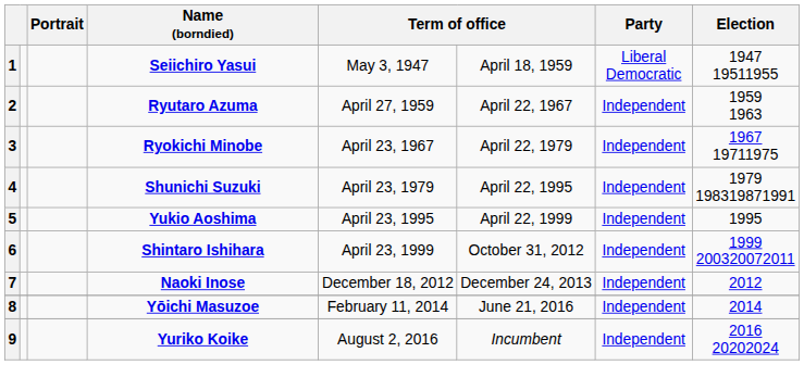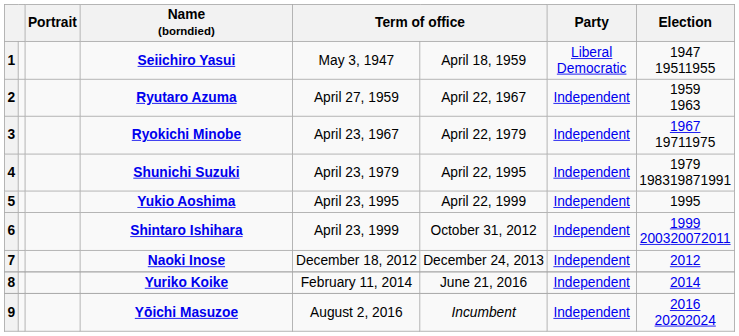 <table class="wikitable notheme" style="text-align:center">
 <tr>
 <th colspan="2"></th>
 <th>Portrait</th>
 <th style="width:15em">Name<br><small>(borndied)</small></th>
 <th colspan="2">Term of office</th>
 <th style="width:6em">Party</th>
 <th style="width:6em">Election</th>
 </tr>
 <tr>
 <th>1</th>
 <td></td>
 <td></td>
 <td><strong><a href='#'>Seiichiro Yasui</a></strong><br></td>
 <td>May 3, 1947</td>
 <td>April 18, 1959</td>
 <td><a href='#'>Liberal Democratic</a></td>
 <td>1947<br>19511955</td>
 </tr>
 <tr>
 <th>2</th>
 <td></td>
 <td></td>
 <td><strong><a href='#'>Ryutaro Azuma</a></strong><br></td>
 <td>April 27, 1959</td>
 <td>April 22, 1967</td>
 <td><a href='#'>Independent</a></td>
 <td>1959<br>1963</td>
 </tr>
 <tr>
 <th>3</th>
 <td></td>
 <td></td>
 <td><strong><a href='#'>Ryokichi Minobe</a></strong><br></td>
 <td>April 23, 1967</td>
 <td>April 22, 1979</td>
 <td><a href='#'>Independent</a></td>
 <td><a href='#'>1967</a><br>19711975</td>
 </tr>
 <tr>
 <th>4</th>
 <td></td>
 <td></td>
 <td><a href='#'><strong>Shunichi Suzuki</strong></a> <br></td>
 <td>April 23, 1979</td>
 <td>April 22, 1995</td>
 <td><a href='#'>Independent</a></td>
 <td>1979<br>198319871991</td>
 </tr>
 <tr>
 <th>5</th>
 <td></td>
 <td></td>
 <td><strong><a href='#'>Yukio Aoshima</a></strong> <br></td>
 <td>April 23, 1995</td>
 <td>April 22, 1999</td>
 <td><a href='#'>Independent</a></td>
 <td>1995</td>
 </tr>
 <tr>
 <th>6</th>
 <td></td>
 <td></td>
 <td><strong><a href='#'>Shintaro Ishihara</a></strong><br></td>
 <td>April 23, 1999</td>
 <td>October 31, 2012</td>
 <td><a href='#'>Independent</a></td>
 <td><a href='#'>1999</a><br><a href='#'>2003</a><a href='#'>2007</a><a href='#'>2011</a></td>
 </tr>
 <tr>
 <th>7</th>
 <td></td>
 <td></td>
 <td><strong><a href='#'>Naoki Inose</a></strong> <br></td>
 <td>December 18, 2012</td>
 <td>December 24, 2013</td>
 <td><a href='#'>Independent</a></td>
 <td><a href='#'>2012</a></td>
 </tr>
 <tr>
 </tr>
 <tr>
 <th>8</th>
 <td></td>
 <td></td>
-<td><strong><a href='#'>Yōichi Masuzoe</a></strong> <br></td>
+<td><strong><a href='#'>Yuriko Koike</a></strong> <br></td>
 <td>February 11, 2014</td>
 <td>June 21, 2016</td>
 <td><a href='#'>Independent</a></td>
 <td><a href='#'>2014</a></td>
 </tr>
 <tr>
 </tr>
 <tr>
 <th>9</th>
 <td></td>
 <td></td>
-<td><strong><a href='#'>Yuriko Koike</a></strong> <br></td>
+<td><strong><a href='#'>Yōichi Masuzoe</a></strong> <br></td>
 <td>August 2, 2016</td>
 <td><em>Incumbent</em></td>
 <td><a href='#'>Independent</a></td>
 <td><a href='#'>2016</a><br><a href='#'>2020</a><a href='#'>2024</a></td>
 </tr>
 </table>
